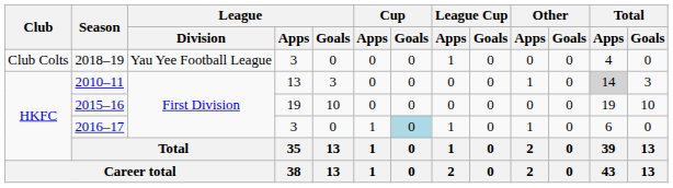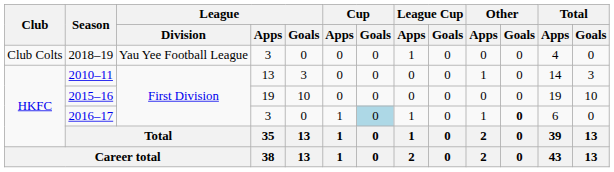 <table class="wikitable" style="text-align: center">
 <tr>
 <th rowspan="2">Club</th>
 <th rowspan="2">Season</th>
 <th colspan="3">League</th>
 <th colspan="2">Cup</th>
 <th colspan="2">League Cup</th>
 <th colspan="2">Other</th>
 <th colspan="2">Total</th>
 </tr>
 <tr>
 <th>Division</th>
 <th>Apps</th>
 <th>Goals</th>
 <th>Apps</th>
 <th>Goals</th>
 <th>Apps</th>
 <th>Goals</th>
 <th>Apps</th>
 <th>Goals</th>
 <th>Apps</th>
 <th>Goals</th>
 </tr>
 <tr>
 <td>Club Colts</td>
 <td>2018–19</td>
 <td>Yau Yee Football League</td>
 <td>3</td>
 <td>0</td>
 <td>0</td>
 <td>0</td>
 <td>1</td>
 <td>0</td>
 <td>0</td>
 <td>0</td>
 <td>4</td>
 <td>0</td>
 </tr>
 <tr>
 <td rowspan="4"><a href='#'>HKFC</a></td>
 <td><a href='#'>2010–11</a></td>
 <td rowspan="3"><a href='#'>First Division</a></td>
 <td>13</td>
 <td>3</td>
 <td>0</td>
 <td>0</td>
 <td>0</td>
 <td>0</td>
 <td>1</td>
 <td>0</td>
-<td style="background: lightgrey;">14</td>
+<td>14</td>
 <td>3</td>
 </tr>
 <tr>
 <td><a href='#'>2015–16</a></td>
 <td>19</td>
 <td>10</td>
 <td>0</td>
 <td>0</td>
 <td>0</td>
 <td>0</td>
 <td>0</td>
 <td>0</td>
 <td>19</td>
 <td>10</td>
 </tr>
 <tr>
 <td><a href='#'>2016–17</a></td>
 <td>3</td>
 <td>0</td>
 <td>1</td>
 <td style="background: lightblue;">0</td>
 <td>1</td>
 <td>0</td>
 <td>1</td>
-<td>0</td>
+<td><strong>0</strong></td>
 <td>6</td>
 <td>0</td>
 </tr>
 <tr>
 <th colspan="2">Total</th>
 <th>35</th>
 <th>13</th>
 <th>1</th>
 <th>0</th>
 <th>1</th>
 <th>0</th>
 <th>2</th>
 <th>0</th>
 <th>39</th>
 <th>13</th>
 </tr>
 <tr>
 <th colspan="3">Career total</th>
 <th>38</th>
 <th>13</th>
 <th>1</th>
 <th>0</th>
 <th>2</th>
 <th>0</th>
 <th>2</th>
 <th>0</th>
 <th>43</th>
 <th>13</th>
 </tr>
 </table>
